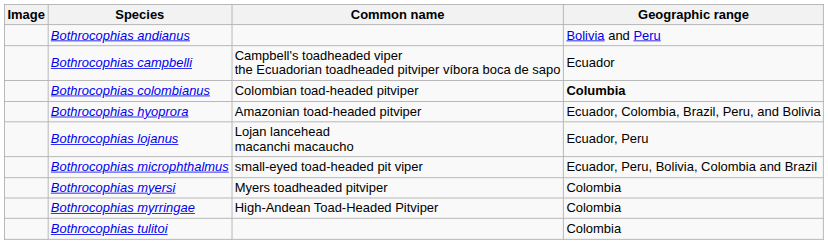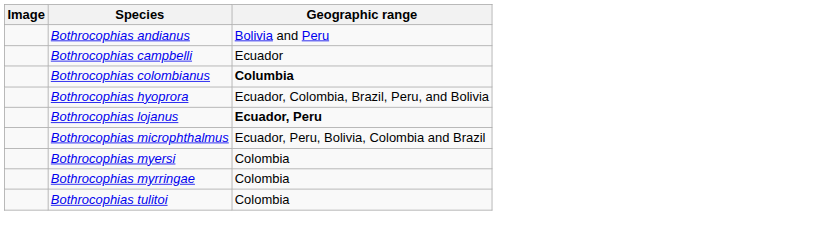 <table class="wikitable">
 <tr>
 <th>Image</th>
 <th>Species</th>
-<th>Common name</th>
 <th>Geographic range</th>
 </tr>
 <tr>
 <td></td>
 <td><em><a href='#'>Bothrocophias andianus</a></em><br></td>
-<td></td>
 <td><a href='#'>Bolivia</a> and <a href='#'>Peru</a></td>
 </tr>
 <tr>
 <td></td>
 <td><em><a href='#'>Bothrocophias campbelli</a></em><br></td>
-<td>Campbell's toadheaded viper<br>the Ecuadorian toadheaded pitviper víbora boca de sapo</td>
 <td>Ecuador</td>
 </tr>
 <tr>
 <td></td>
 <td><em><a href='#'>Bothrocophias colombianus</a></em><br></td>
-<td>Colombian toad-headed pitviper</td>
 <td><strong>Columbia</strong></td>
 </tr>
 <tr>
 <td></td>
 <td><em><a href='#'>Bothrocophias hyoprora</a></em><br></td>
-<td>Amazonian toad-headed pitviper</td>
 <td>Ecuador, Colombia, Brazil, Peru, and Bolivia</td>
 </tr>
 <tr>
 <td></td>
 <td><em><a href='#'>Bothrocophias lojanus</a></em><br></td>
-<td>Lojan lancehead<br>macanchi macaucho</td>
-<td>Ecuador, Peru</td>
+<td><strong>Ecuador, Peru</strong></td>
 </tr>
 <tr>
 <td></td>
 <td><em><a href='#'>Bothrocophias microphthalmus</a></em><br></td>
-<td>small-eyed toad-headed pit viper</td>
 <td>Ecuador, Peru, Bolivia, Colombia and Brazil</td>
 </tr>
 <tr>
 <td></td>
 <td><em><a href='#'>Bothrocophias myersi</a></em><br></td>
-<td>Myers toadheaded pitviper</td>
 <td>Colombia</td>
 </tr>
 <tr>
 <td></td>
 <td><em><a href='#'>Bothrocophias myrringae</a></em><br></td>
-<td>High-Andean Toad-Headed Pitviper</td>
 <td>Colombia</td>
 </tr>
 <tr>
 <td></td>
 <td><em><a href='#'>Bothrocophias tulitoi</a></em><br></td>
-<td></td>
 <td>Colombia</td>
 </tr>
 </table>
